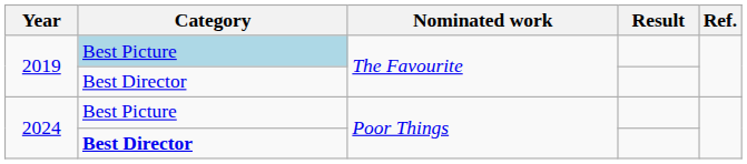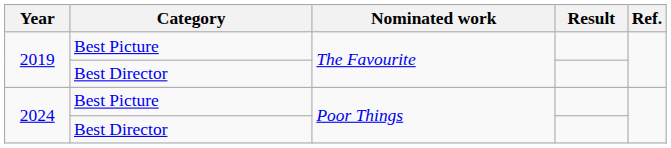 <table class=wikitable>
 <tr>
 <th scope="col" style="width:5em;">Year</th>
 <th scope="col" style="width:26em;">Category</th>
 <th scope="col" style="width:25em;">Nominated work</th>
 <th scope="col" style="width:5em;">Result</th>
 <th>Ref.</th>
 </tr>
 <tr>
 <td style="text-align:center;", rowspan="2"><a href='#'>2019</a></td>
-<td style="background: lightblue;"><a href='#'>Best Picture</a></td>
+<td><a href='#'>Best Picture</a></td>
 <td rowspan="2"><em><a href='#'>The Favourite</a></em></td>
 <td></td>
 <td rowspan=2></td>
 </tr>
 <tr>
 <td><a href='#'>Best Director</a></td>
 <td></td>
 </tr>
 <tr>
 <td style="text-align:center;", rowspan="2"><a href='#'>2024</a></td>
 <td><a href='#'>Best Picture</a></td>
 <td rowspan="2"><em><a href='#'>Poor Things</a></em></td>
 <td></td>
 <td rowspan="2"></td>
 </tr>
 <tr>
-<td><strong><a href='#'>Best Director</a></strong></td>
+<td><a href='#'>Best Director</a></td>
 <td></td>
 </tr>
 </table>
